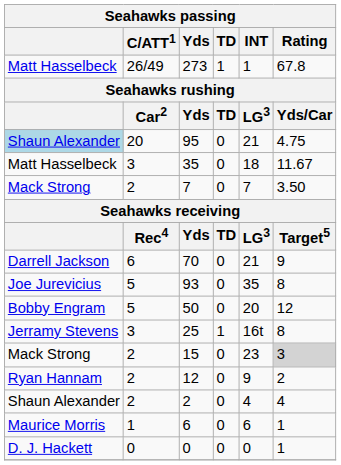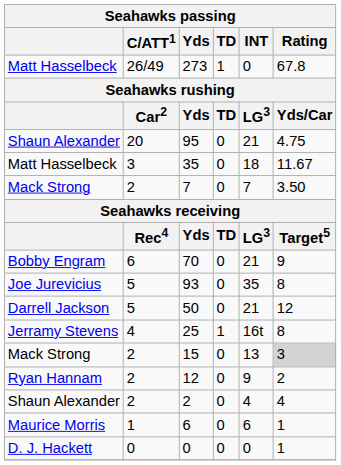 <table class="wikitable">
 <tr>
 <th colspan="6">Seahawks passing</th>
 </tr>
 <tr>
 <th></th>
 <th>C/ATT<sup>1</sup></th>
 <th>Yds</th>
 <th>TD</th>
 <th>INT</th>
 <th>Rating</th>
 </tr>
 <tr>
 <td><a href='#'>Matt Hasselbeck</a></td>
 <td>26/49</td>
 <td>273</td>
 <td>1</td>
-<td>1</td>
+<td>0</td>
 <td>67.8</td>
 </tr>
 <tr>
 <th colspan="6">Seahawks rushing</th>
 </tr>
 <tr>
 <th></th>
 <th>Car<sup>2</sup></th>
 <th>Yds</th>
 <th>TD</th>
 <th>LG<sup>3</sup></th>
 <th>Yds/Car</th>
 </tr>
 <tr>
-<td style="background: lightblue;"><a href='#'>Shaun Alexander</a></td>
+<td><a href='#'>Shaun Alexander</a></td>
 <td>20</td>
 <td>95</td>
 <td>0</td>
 <td>21</td>
 <td>4.75</td>
 </tr>
 <tr>
 <td>Matt Hasselbeck</td>
 <td>3</td>
 <td>35</td>
 <td>0</td>
 <td>18</td>
 <td>11.67</td>
 </tr>
 <tr>
 <td><a href='#'>Mack Strong</a></td>
 <td>2</td>
 <td>7</td>
 <td>0</td>
 <td>7</td>
 <td>3.50</td>
 </tr>
 <tr>
 <th colspan="6">Seahawks receiving</th>
 </tr>
 <tr>
 <th></th>
 <th>Rec<sup>4</sup></th>
 <th>Yds</th>
 <th>TD</th>
 <th>LG<sup>3</sup></th>
 <th>Target<sup>5</sup></th>
 </tr>
 <tr>
-<td><a href='#'>Darrell Jackson</a></td>
+<td><a href='#'>Bobby Engram</a></td>
 <td>6</td>
 <td>70</td>
 <td>0</td>
 <td>21</td>
 <td>9</td>
 </tr>
 <tr>
 <td><a href='#'>Joe Jurevicius</a></td>
 <td>5</td>
 <td>93</td>
 <td>0</td>
 <td>35</td>
 <td>8</td>
 </tr>
 <tr>
-<td><a href='#'>Bobby Engram</a></td>
+<td><a href='#'>Darrell Jackson</a></td>
 <td>5</td>
 <td>50</td>
 <td>0</td>
-<td>20</td>
+<td>21</td>
 <td>12</td>
 </tr>
 <tr>
 <td><a href='#'>Jerramy Stevens</a></td>
-<td>3</td>
+<td>4</td>
 <td>25</td>
 <td>1</td>
 <td>16t</td>
 <td>8</td>
 </tr>
 <tr>
 <td>Mack Strong</td>
 <td>2</td>
 <td>15</td>
 <td>0</td>
-<td>23</td>
+<td>13</td>
 <td style="background: lightgrey;">3</td>
 </tr>
 <tr>
 <td><a href='#'>Ryan Hannam</a></td>
 <td>2</td>
 <td>12</td>
 <td>0</td>
 <td>9</td>
 <td>2</td>
 </tr>
 <tr>
 <td>Shaun Alexander</td>
 <td>2</td>
 <td>2</td>
 <td>0</td>
 <td>4</td>
 <td>4</td>
 </tr>
 <tr>
 <td><a href='#'>Maurice Morris</a></td>
 <td>1</td>
 <td>6</td>
 <td>0</td>
 <td>6</td>
 <td>1</td>
 </tr>
 <tr>
 <td><a href='#'>D. J. Hackett</a></td>
 <td>0</td>
 <td>0</td>
 <td>0</td>
 <td>0</td>
 <td>1</td>
 </tr>
 <tr>
 </tr>
 </table>
